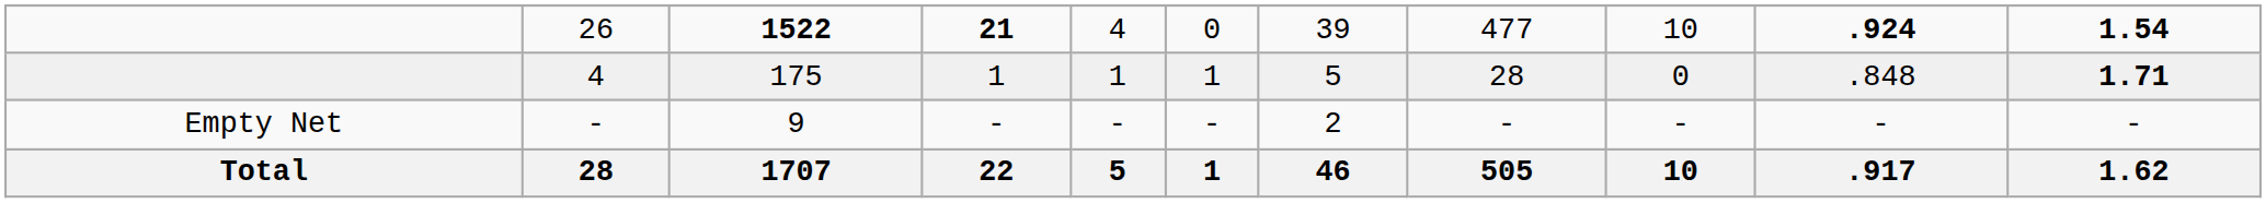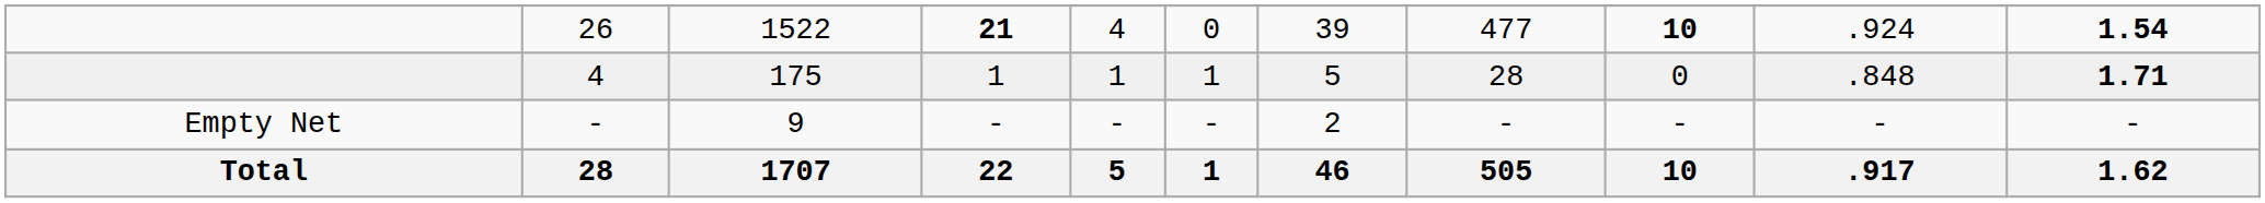 <table class="wikitable sortable" width ="1000">
 <tr align="center">
 </tr>
 <tr align="center" bgcolor="">
 <td></td>
 <td>26</td>
-<td><strong>1522</strong></td>
+<td>1522</td>
 <td><strong>21</strong></td>
 <td>4</td>
 <td>0</td>
 <td>39</td>
 <td>477</td>
-<td>10</td>
-<td><strong>.924</strong></td>
+<td><strong>10</strong></td>
+<td>.924</td>
 <td><strong>1.54</strong></td>
 </tr>
 <tr align="center" bgcolor="f0f0f0">
 <td></td>
 <td>4</td>
 <td>175</td>
 <td>1</td>
 <td>1</td>
 <td>1</td>
 <td>5</td>
 <td>28</td>
 <td>0</td>
 <td>.848</td>
 <td><strong>1.71</strong></td>
 </tr>
 <tr align="center" bgcolor="">
 <td>Empty Net</td>
 <td>-</td>
 <td>9</td>
 <td>-</td>
 <td>-</td>
 <td>-</td>
 <td>2</td>
 <td>-</td>
 <td>-</td>
 <td>-</td>
 <td>-</td>
 </tr>
 <tr>
 <th>Total</th>
 <th>28</th>
 <th>1707</th>
 <th>22</th>
 <th>5</th>
 <th>1</th>
 <th>46</th>
 <th>505</th>
 <th>10</th>
 <th>.917</th>
 <th>1.62</th>
 </tr>
 </table>
